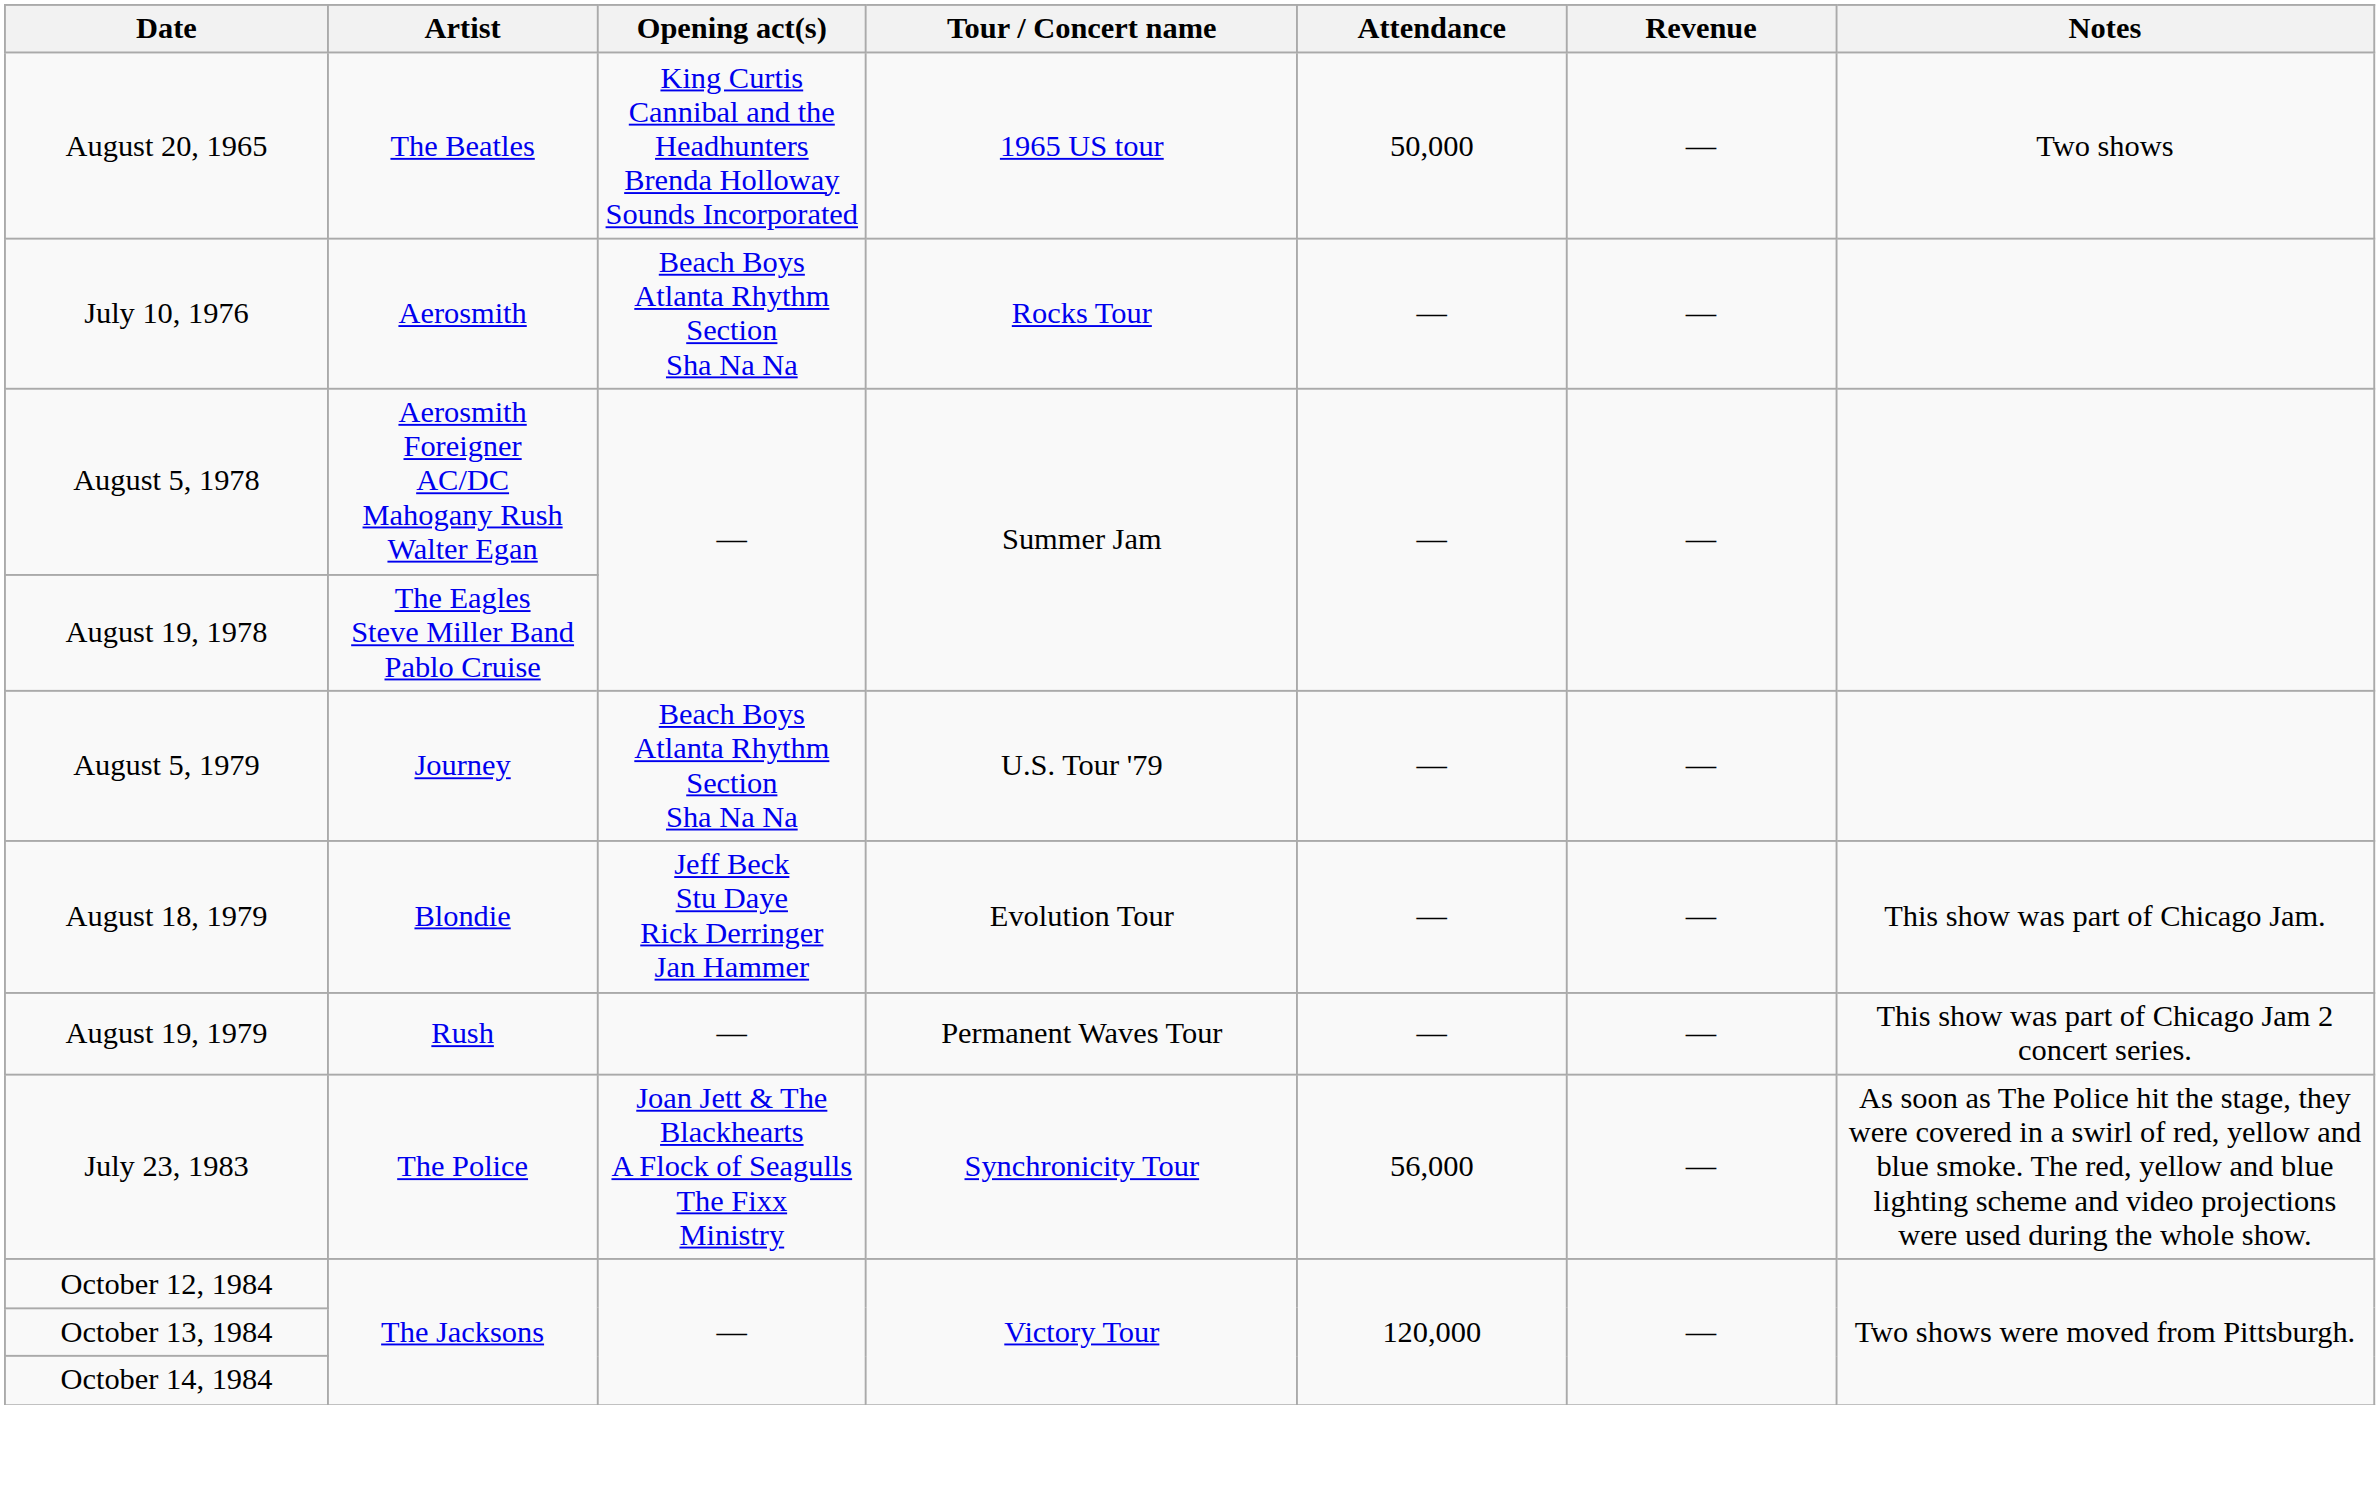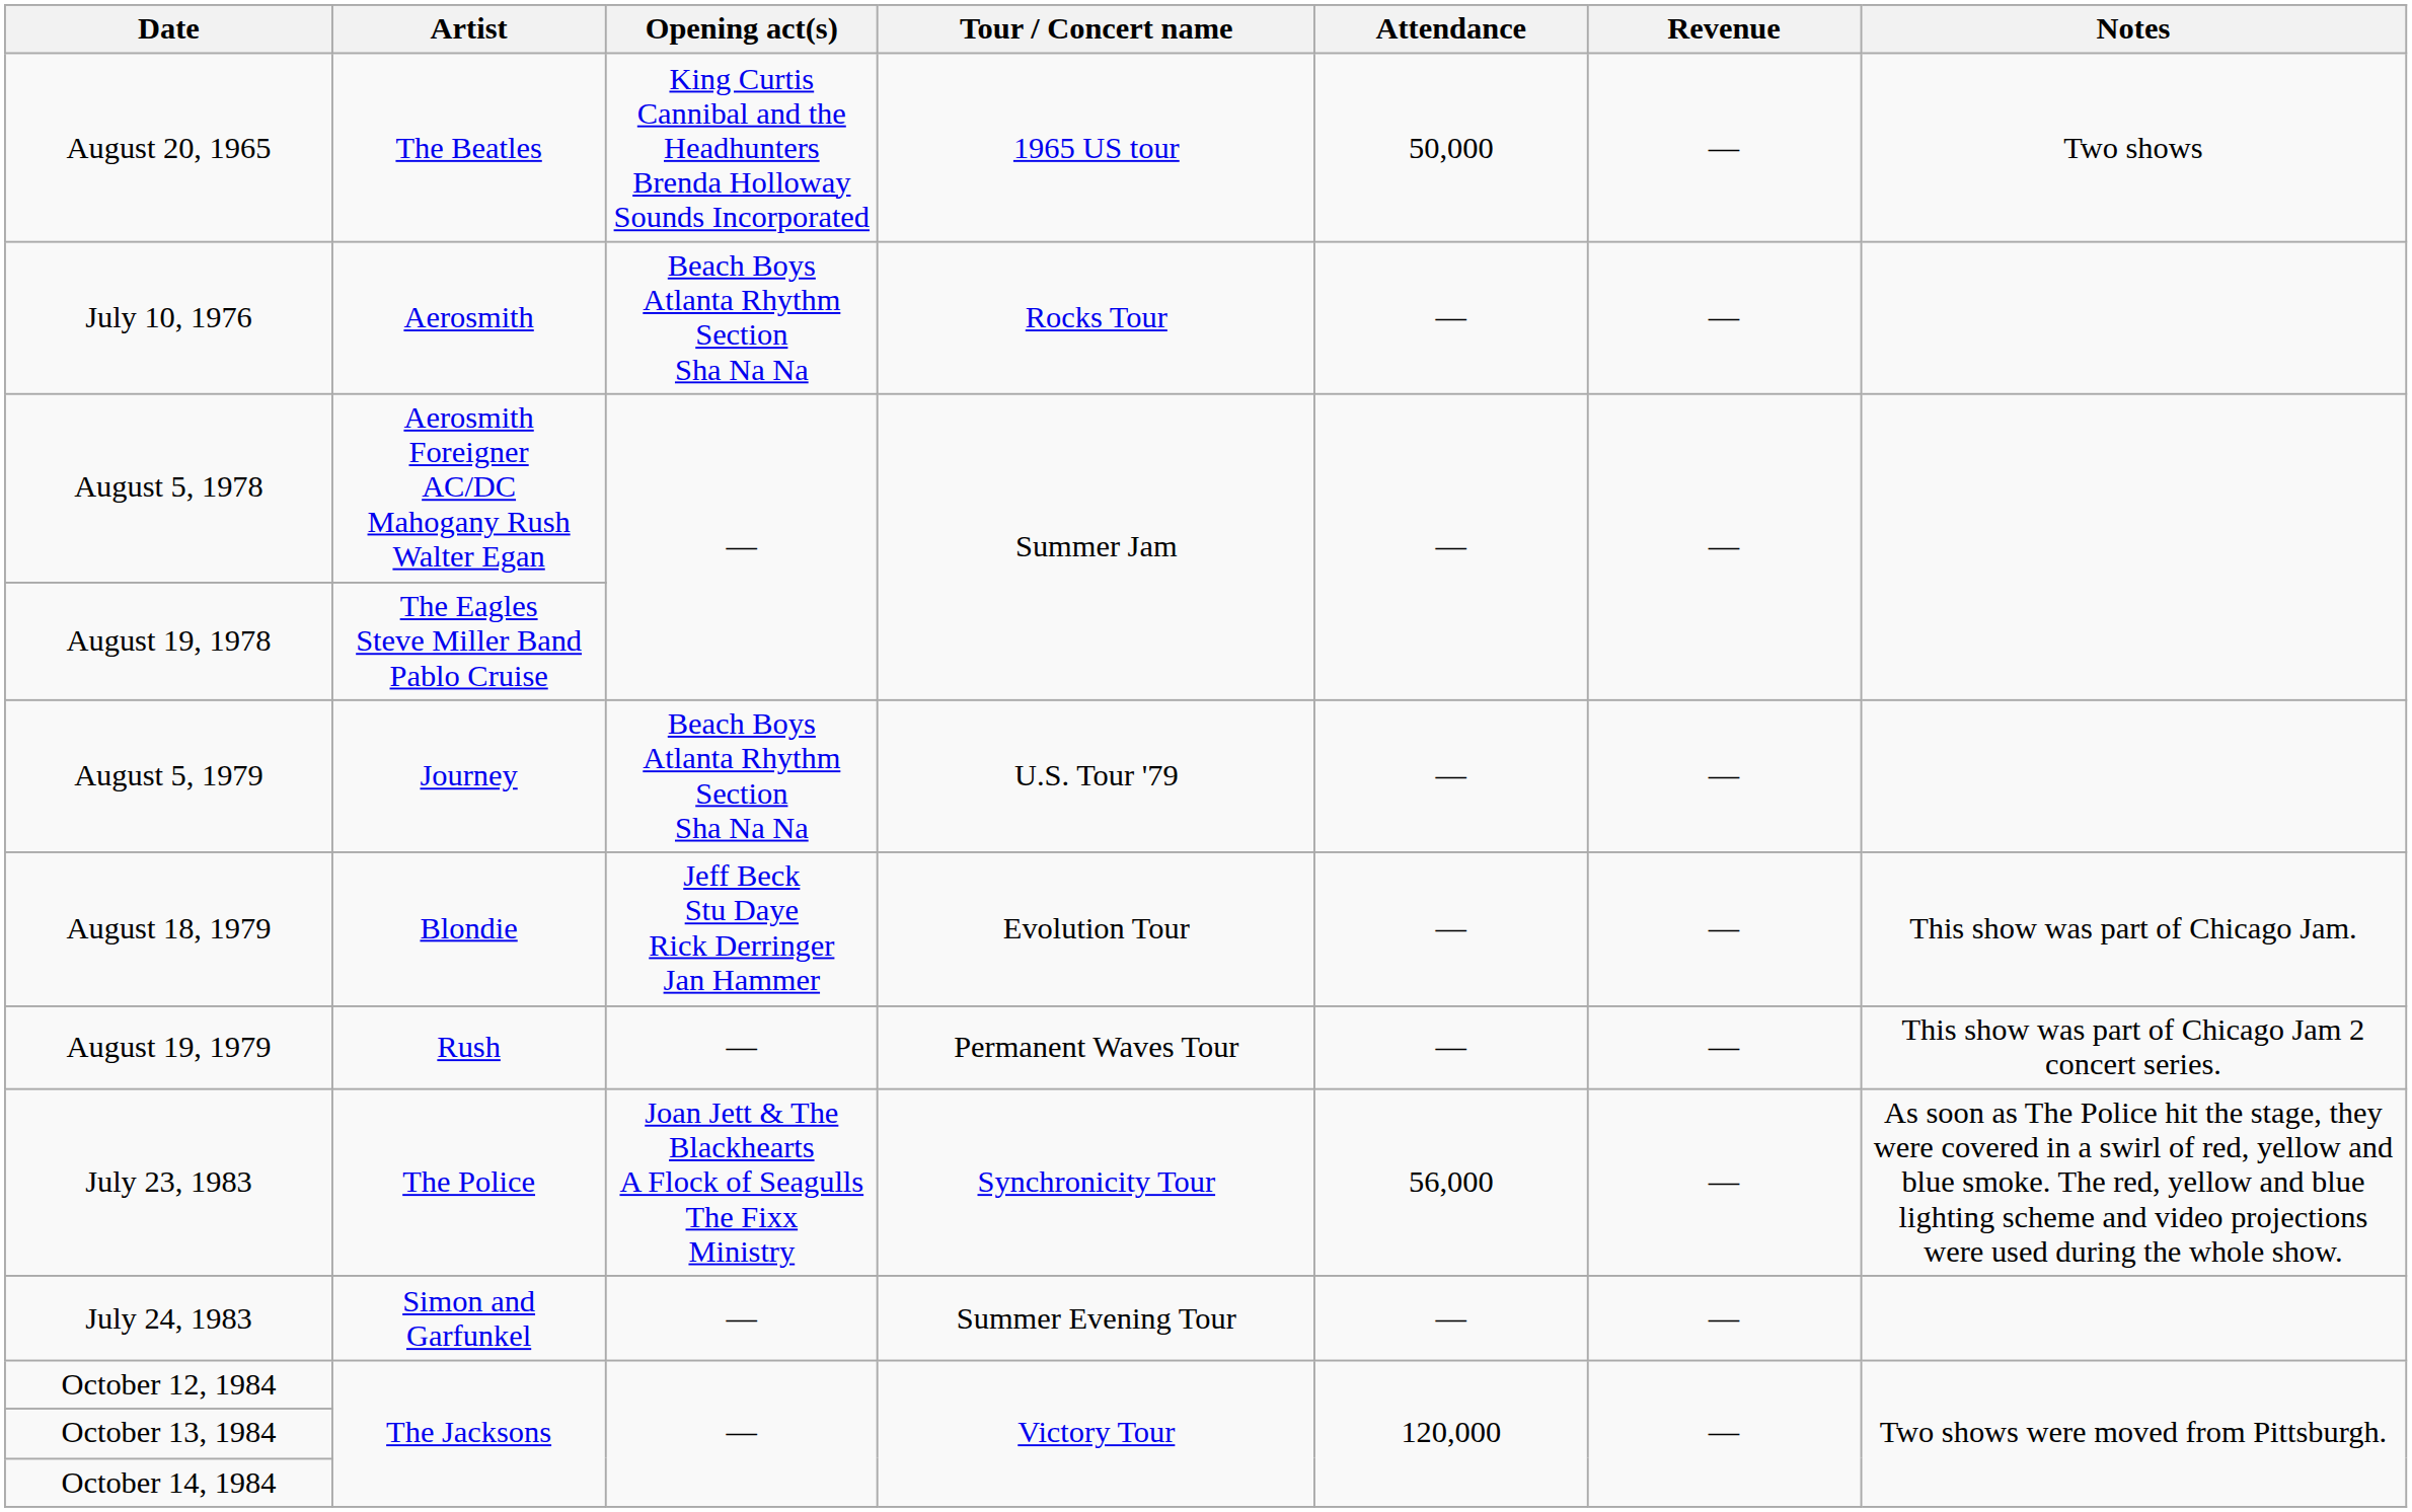 <table class="wikitable" style="text-align:center;">
 <tr>
 <th width=12% style="text-align:center;">Date</th>
 <th width=10% style="text-align:center;">Artist</th>
 <th width=10% style="text-align:center;">Opening act(s)</th>
 <th width=16% style="text-align:center;">Tour / Concert name</th>
 <th width=10% style="text-align:center;">Attendance</th>
 <th width=10% style="text-align:center;">Revenue</th>
 <th width=20% style="text-align:center;">Notes</th>
 </tr>
 <tr>
 <td>August 20, 1965</td>
 <td><a href='#'>The Beatles</a></td>
 <td><a href='#'>King Curtis</a><br><a href='#'>Cannibal and the Headhunters</a><br><a href='#'>Brenda Holloway</a><br><a href='#'>Sounds Incorporated</a></td>
 <td><a href='#'>1965 US tour</a></td>
 <td>50,000</td>
 <td>—</td>
 <td>Two shows</td>
 </tr>
 <tr>
 <td>July 10, 1976</td>
 <td><a href='#'>Aerosmith</a></td>
 <td><a href='#'>Beach Boys</a><br><a href='#'>Atlanta Rhythm Section</a><br><a href='#'>Sha Na Na</a></td>
 <td><a href='#'>Rocks Tour</a></td>
 <td>—</td>
 <td>—</td>
 <td></td>
 </tr>
 <tr>
 <td>August 5, 1978</td>
 <td><a href='#'>Aerosmith</a><br><a href='#'>Foreigner</a><br><a href='#'>AC/DC</a><br><a href='#'>Mahogany Rush</a><br><a href='#'>Walter Egan</a></td>
 <td rowspan=2>—</td>
 <td rowspan=2>Summer Jam</td>
 <td rowspan=2>—</td>
 <td rowspan=2>—</td>
 <td rowspan=2></td>
 </tr>
 <tr>
 <td>August 19, 1978</td>
 <td><a href='#'>The Eagles</a><br><a href='#'>Steve Miller Band</a><br><a href='#'>Pablo Cruise</a></td>
 </tr>
 <tr>
 <td>August 5, 1979</td>
 <td><a href='#'>Journey</a></td>
 <td><a href='#'>Beach Boys</a><br><a href='#'>Atlanta Rhythm Section</a><br><a href='#'>Sha Na Na</a></td>
 <td>U.S. Tour '79</td>
 <td>—</td>
 <td>—</td>
 <td></td>
 </tr>
 <tr>
 <td>August 18, 1979</td>
 <td><a href='#'>Blondie</a></td>
 <td><a href='#'>Jeff Beck</a><br><a href='#'>Stu Daye</a><br><a href='#'>Rick Derringer</a><br><a href='#'>Jan Hammer</a></td>
 <td>Evolution Tour</td>
 <td>—</td>
 <td>—</td>
 <td>This show was part of Chicago Jam.</td>
 </tr>
 <tr>
 <td>August 19, 1979</td>
 <td><a href='#'>Rush</a></td>
 <td>—</td>
 <td>Permanent Waves Tour</td>
 <td>—</td>
 <td>—</td>
 <td>This show was part of Chicago Jam 2 concert series.</td>
 </tr>
 <tr>
 <td>July 23, 1983</td>
 <td><a href='#'>The Police</a></td>
 <td><a href='#'>Joan Jett & The Blackhearts</a><br><a href='#'>A Flock of Seagulls</a><br><a href='#'>The Fixx</a><br><a href='#'>Ministry</a></td>
 <td><a href='#'>Synchronicity Tour</a></td>
 <td>56,000</td>
 <td>—</td>
 <td>As soon as The Police hit the stage, they were covered in a swirl of red, yellow and blue smoke. The red, yellow and blue lighting scheme and video projections were used during the whole show.</td>
 </tr>
 <tr>
+<td>July 24, 1983</td>
+<td><a href='#'>Simon and Garfunkel</a></td>
+<td>—</td>
+<td>Summer Evening Tour</td>
+<td>—</td>
+<td>—</td>
+<td></td>
+</tr>
+<tr>
 <td>October 12, 1984</td>
 <td rowspan=3><a href='#'>The Jacksons</a></td>
 <td rowspan=3>—</td>
 <td rowspan=3><a href='#'>Victory Tour</a></td>
 <td rowspan=3>120,000</td>
 <td rowspan=3>—</td>
 <td rowspan=3>Two shows were moved from Pittsburgh.</td>
 </tr>
 <tr>
 <td>October 13, 1984</td>
 </tr>
 <tr>
 <td>October 14, 1984</td>
 </tr>
 </table>
